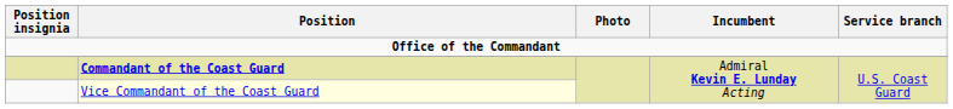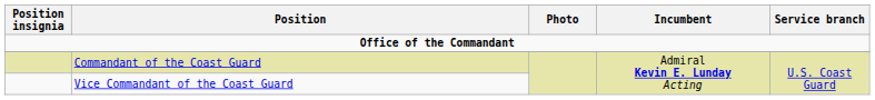 <table class="wikitable">
 <tr>
 <th width="75" style="text-align:center">Position insignia</th>
 <th width="550" style="text-align:center">Position</th>
 <th width="75" style="text-align:center">Photo</th>
 <th width="205" style="text-align:center">Incumbent</th>
 <th width="115" style="text-align:center">Service branch</th>
 </tr>
 <tr>
 <td colspan="5" style="text-align:center"><strong>Office of the Commandant</strong></td>
 </tr>
 <tr>
 </tr>
 <tr style=background:#e6e6aa;>
 <td></td>
-<td><strong><a href='#'>Commandant of the Coast Guard</a></strong></td>
+<td><a href='#'>Commandant of the Coast Guard</a></td>
 <td rowspan="2"></td>
 <td rowspan="2" style="text-align:center">Admiral<br><strong><a href='#'>Kevin E. Lunday</a></strong><br><em>Acting</em></td>
 <td rowspan="2" style="text-align:center"><br><a href='#'>U.S. Coast Guard</a></td>
 </tr>
 <tr>
 <td></td>
-<td style="background: lightyellow;"><a href='#'>Vice Commandant of the Coast Guard</a></td>
+<td><a href='#'>Vice Commandant of the Coast Guard</a></td>
 </tr>
 </table>
